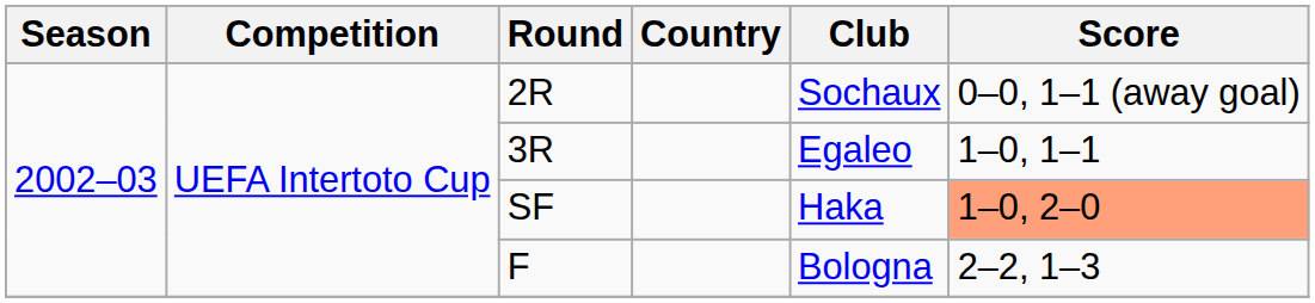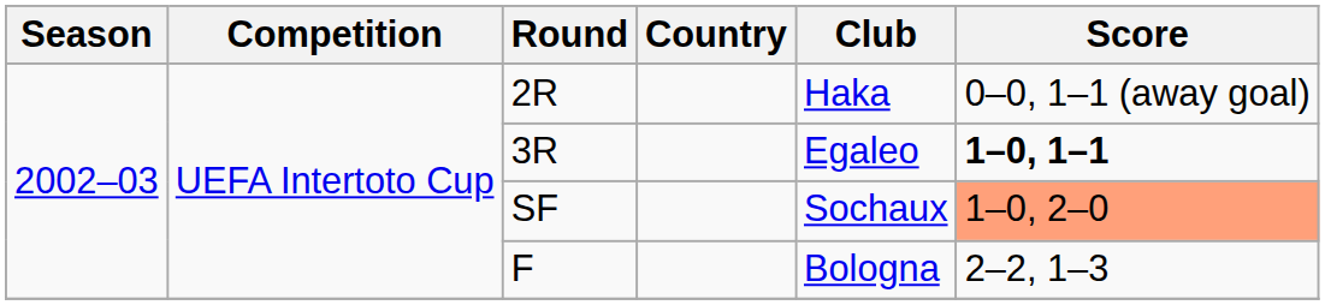 <table class="wikitable">
 <tr>
 <th>Season</th>
 <th>Competition</th>
 <th>Round</th>
 <th>Country</th>
 <th>Club</th>
 <th>Score</th>
 </tr>
 <tr>
 <td rowspan=4 align="center"><a href='#'>2002–03</a></td>
 <td rowspan=4 align="center"><a href='#'>UEFA Intertoto Cup</a></td>
 <td>2R</td>
 <td align="center"></td>
-<td><a href='#'>Sochaux</a></td>
+<td><a href='#'>Haka</a></td>
 <td>0–0, 1–1 (away goal)</td>
 </tr>
 <tr>
 <td>3R</td>
 <td align="center"></td>
 <td><a href='#'>Egaleo</a></td>
-<td>1–0, 1–1</td>
+<td><strong>1–0, 1–1</strong></td>
 </tr>
 <tr>
 <td>SF</td>
 <td align="center"></td>
-<td><a href='#'>Haka</a></td>
+<td><a href='#'>Sochaux</a></td>
 <td style="background: lightsalmon;">1–0, 2–0</td>
 </tr>
 <tr>
 <td>F</td>
 <td align="center"></td>
 <td><a href='#'>Bologna</a></td>
 <td>2–2, 1–3</td>
 </tr>
 <tr>
 </tr>
 </table>
